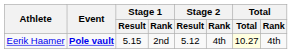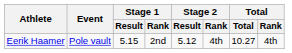 <table class="wikitable" style="font-size:90%">
 <tr>
 <th rowspan=2>Athlete</th>
 <th rowspan=2>Event</th>
 <th colspan=2>Stage 1</th>
 <th colspan=2>Stage 2</th>
 <th colspan=2>Total</th>
 </tr>
 <tr style="font-size:95%">
 <th>Result</th>
 <th>Rank</th>
 <th>Result</th>
 <th>Rank</th>
 <th>Total</th>
 <th>Rank</th>
 </tr>
 <tr align=center>
 <td align=left><a href='#'>Eerik Haamer</a></td>
-<td align=left><strong><a href='#'>Pole vault</a></strong></td>
+<td align=left><a href='#'>Pole vault</a></td>
 <td>5.15 </td>
 <td>2nd</td>
 <td>5.12</td>
 <td>4th</td>
-<td style="background: lightyellow;">10.27</td>
+<td>10.27</td>
 <td>4th</td>
 </tr>
 </table>
